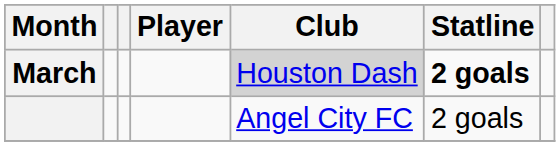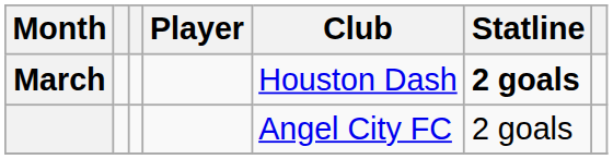 <table class="wikitable sortable">
 <tr>
 <th scope="col">Month</th>
 <th scope="col"></th>
 <th scope="col"></th>
 <th scope="col">Player</th>
 <th scope="col">Club</th>
 <th scope="col">Statline</th>
 <th scope="col"></th>
 </tr>
 <tr>
 <th scope="row">March</th>
 <td></td>
 <td></td>
 <td></td>
-<td style="background: lightgrey;"><a href='#'>Houston Dash</a></td>
+<td><a href='#'>Houston Dash</a></td>
 <td><strong>2 goals</strong></td>
 <td></td>
 </tr>
 <tr>
 <th scope="row"></th>
 <td></td>
 <td></td>
 <td></td>
 <td><a href='#'>Angel City FC</a></td>
 <td>2 goals</td>
 <td></td>
 </tr>
 <tr>
 </tr>
 </table>
